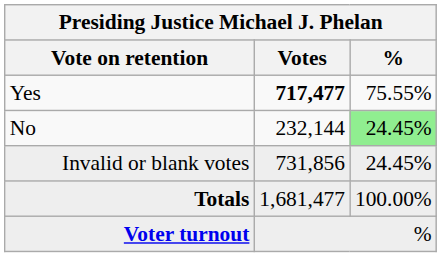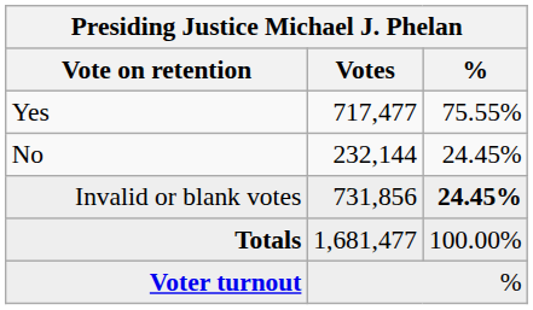 <table class="wikitable" style="font-size: 95%;">
 <tr style="background-color:#E9E9E9">
 <th colspan=7>Presiding Justice Michael J. Phelan</th>
 </tr>
 <tr style="background-color:#E9E9E9">
 <th style="width: 170px">Vote on retention</th>
 <th style="width: 50px">Votes</th>
 <th style="width: 40px">%</th>
 </tr>
 <tr>
 <td>Yes</td>
-<td align="right"><strong>717,477</strong></td>
+<td align="right">717,477</td>
 <td align="right">75.55%</td>
 </tr>
 <tr>
 <td>No</td>
 <td align="right">232,144</td>
-<td align="right" style="background: lightgreen;">24.45%</td>
+<td align="right">24.45%</td>
 </tr>
 <tr style="background-color:#EEEEEE">
 <td align="right">Invalid or blank votes</td>
 <td align="right">731,856</td>
-<td align="right">24.45%</td>
+<td align="right"><strong>24.45%</strong></td>
 </tr>
 <tr style="background-color:#EEEEEE">
 <td colspan="1" align="right"><strong>Totals</strong></td>
 <td align="right">1,681,477</td>
 <td align="right">100.00%</td>
 </tr>
 <tr style="background-color:#EEEEEE">
 <td align="right"><strong><a href='#'>Voter turnout</a></strong></td>
 <td colspan="2" align="right">%</td>
 </tr>
 </table>
